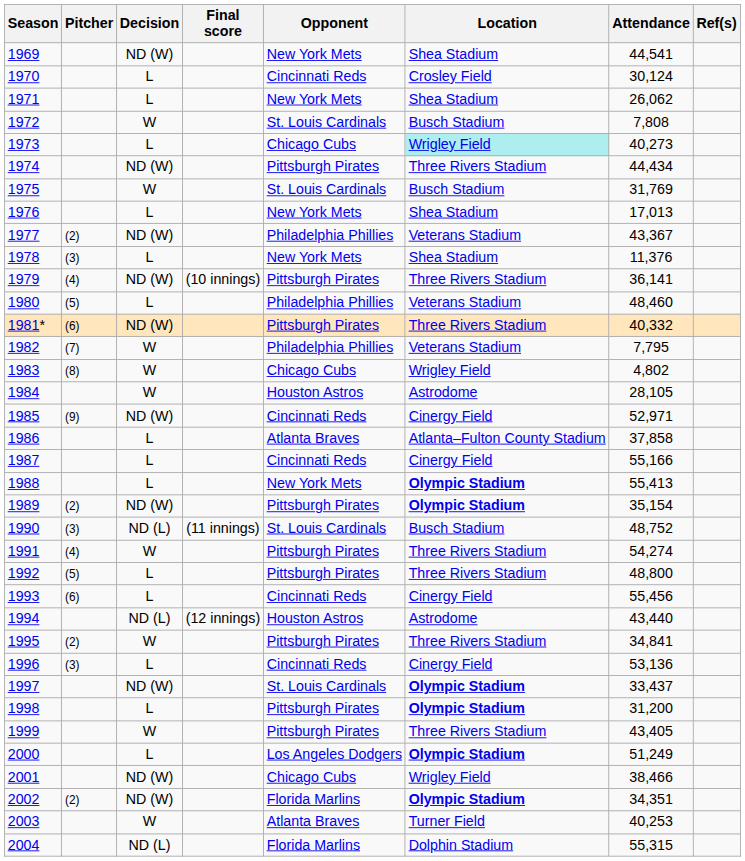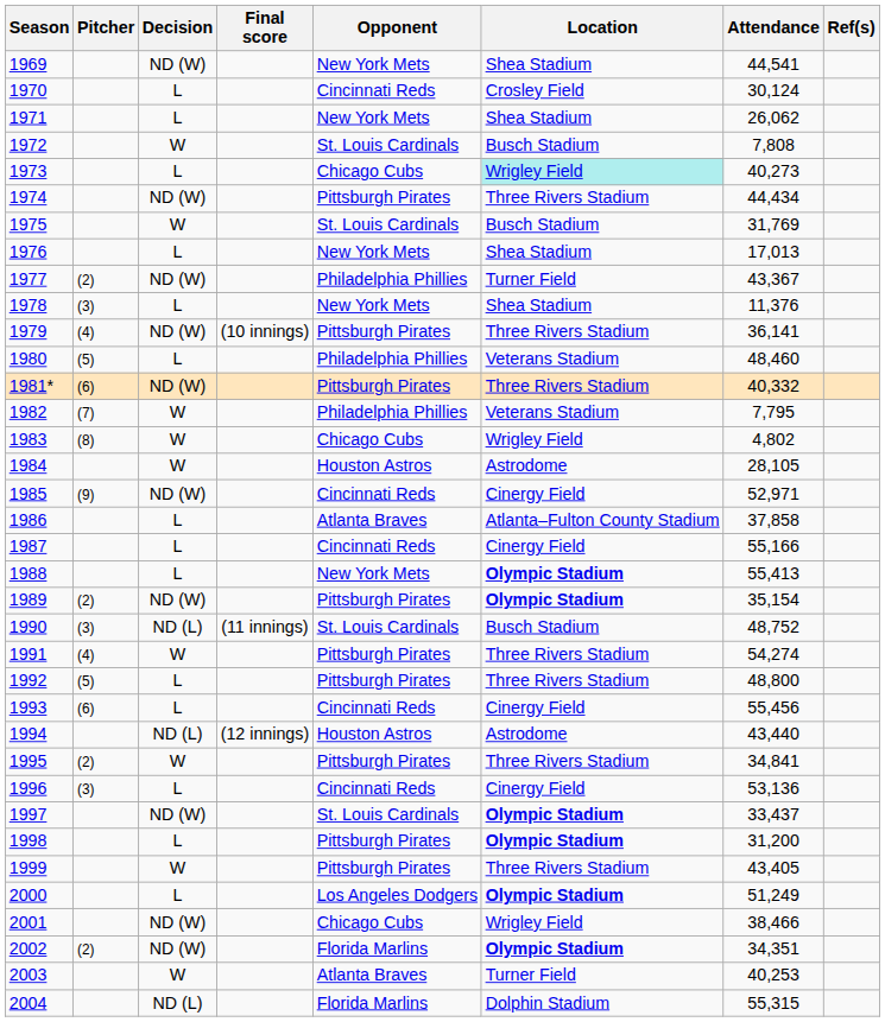 <table class="wikitable sortable plainrowheaders">
 <tr>
 <th scope="col">Season</th>
 <th scope="col">Pitcher</th>
 <th scope="col">Decision</th>
 <th scope="col">Final<br>score</th>
 <th scope="col">Opponent</th>
 <th scope="col">Location</th>
 <th scope="col">Attendance</th>
 <th class="unsortable">Ref(s)</th>
 </tr>
 <tr>
 <td><a href='#'>1969</a></td>
 <td></td>
 <td align="center">ND (W)</td>
 <td align="center"></td>
 <td><a href='#'>New York Mets</a></td>
 <td><a href='#'>Shea Stadium</a></td>
 <td align="center">44,541</td>
 <td align="center"></td>
 </tr>
 <tr>
 <td><a href='#'>1970</a></td>
 <td></td>
 <td align="center">L</td>
 <td align="center"></td>
 <td><a href='#'>Cincinnati Reds</a></td>
 <td><a href='#'>Crosley Field</a></td>
 <td align="center">30,124</td>
 <td align="center"></td>
 </tr>
 <tr>
 <td><a href='#'>1971</a></td>
 <td></td>
 <td align="center">L</td>
 <td align="center"></td>
 <td><a href='#'>New York Mets</a></td>
 <td><a href='#'>Shea Stadium</a></td>
 <td align="center">26,062</td>
 <td align="center"></td>
 </tr>
 <tr>
 <td><a href='#'>1972</a></td>
 <td></td>
 <td align="center">W</td>
 <td align="center"></td>
 <td><a href='#'>St. Louis Cardinals</a></td>
 <td><a href='#'>Busch Stadium</a></td>
 <td align="center">7,808</td>
 <td align="center"></td>
 </tr>
 <tr>
 <td><a href='#'>1973</a></td>
 <td></td>
 <td align="center">L</td>
 <td align="center"></td>
 <td><a href='#'>Chicago Cubs</a></td>
 <td style="background: paleturquoise;"><a href='#'>Wrigley Field</a></td>
 <td align="center">40,273</td>
 <td align="center"></td>
 </tr>
 <tr>
 <td><a href='#'>1974</a></td>
 <td></td>
 <td align="center">ND (W)</td>
 <td align="center"></td>
 <td><a href='#'>Pittsburgh Pirates</a></td>
 <td><a href='#'>Three Rivers Stadium</a></td>
 <td align="center">44,434</td>
 <td align="center"></td>
 </tr>
 <tr>
 <td><a href='#'>1975</a></td>
 <td></td>
 <td align="center">W</td>
 <td align="center"></td>
 <td><a href='#'>St. Louis Cardinals</a></td>
 <td><a href='#'>Busch Stadium</a></td>
 <td align="center">31,769</td>
 <td align="center"></td>
 </tr>
 <tr>
 <td><a href='#'>1976</a></td>
 <td></td>
 <td align="center">L</td>
 <td align="center"></td>
 <td><a href='#'>New York Mets</a></td>
 <td><a href='#'>Shea Stadium</a></td>
 <td align="center">17,013</td>
 <td align="center"></td>
 </tr>
 <tr>
 <td><a href='#'>1977</a></td>
 <td> <small>(2)</small></td>
 <td align="center">ND (W)</td>
 <td align="center"></td>
 <td><a href='#'>Philadelphia Phillies</a></td>
-<td><a href='#'>Veterans Stadium</a></td>
+<td><a href='#'>Turner Field</a></td>
 <td align="center">43,367</td>
 <td align="center"></td>
 </tr>
 <tr>
 <td><a href='#'>1978</a></td>
 <td> <small>(3)</small></td>
 <td align="center">L</td>
 <td align="center"></td>
 <td><a href='#'>New York Mets</a></td>
 <td><a href='#'>Shea Stadium</a></td>
 <td align="center">11,376</td>
 <td align="center"></td>
 </tr>
 <tr>
 <td><a href='#'>1979</a></td>
 <td> <small>(4)</small></td>
 <td align="center">ND (W)</td>
 <td align="center"> (10 innings)</td>
 <td><a href='#'>Pittsburgh Pirates</a></td>
 <td><a href='#'>Three Rivers Stadium</a></td>
 <td align="center">36,141</td>
 <td align="center"></td>
 </tr>
 <tr>
 <td><a href='#'>1980</a></td>
 <td> <small>(5)</small></td>
 <td align="center">L</td>
 <td align="center"></td>
 <td><a href='#'>Philadelphia Phillies</a></td>
 <td><a href='#'>Veterans Stadium</a></td>
 <td align="center">48,460</td>
 <td align="center"></td>
 </tr>
 <tr>
 <td style="background-color: #FFE6BD"><a href='#'>1981</a>*</td>
 <td style="background-color: #FFE6BD"> <small>(6)</small></td>
 <td style="background-color: #FFE6BD" align="center">ND (W)</td>
 <td style="background-color: #FFE6BD" align="center"></td>
 <td style="background-color: #FFE6BD"><a href='#'>Pittsburgh Pirates</a></td>
 <td style="background-color: #FFE6BD"><a href='#'>Three Rivers Stadium</a></td>
 <td style="background-color: #FFE6BD" align="center">40,332</td>
 <td style="background-color: #FFE6BD" align="center"></td>
 </tr>
 <tr>
 <td><a href='#'>1982</a></td>
 <td> <small>(7)</small></td>
 <td align="center">W</td>
 <td align="center"></td>
 <td><a href='#'>Philadelphia Phillies</a></td>
 <td><a href='#'>Veterans Stadium</a></td>
 <td align="center">7,795</td>
 <td align="center"></td>
 </tr>
 <tr>
 <td><a href='#'>1983</a></td>
 <td> <small>(8)</small></td>
 <td align="center">W</td>
 <td align="center"></td>
 <td><a href='#'>Chicago Cubs</a></td>
 <td><a href='#'>Wrigley Field</a></td>
 <td align="center">4,802</td>
 <td align="center"></td>
 </tr>
 <tr>
 <td><a href='#'>1984</a></td>
 <td></td>
 <td align="center">W</td>
 <td align="center"></td>
 <td><a href='#'>Houston Astros</a></td>
 <td><a href='#'>Astrodome</a></td>
 <td align="center">28,105</td>
 <td align="center"></td>
 </tr>
 <tr>
 <td><a href='#'>1985</a></td>
 <td> <small>(9)</small></td>
 <td align="center">ND (W)</td>
 <td align="center"></td>
 <td><a href='#'>Cincinnati Reds</a></td>
 <td><a href='#'>Cinergy Field</a></td>
 <td align="center">52,971</td>
 <td align="center"></td>
 </tr>
 <tr>
 <td><a href='#'>1986</a></td>
 <td></td>
 <td align="center">L</td>
 <td align="center"></td>
 <td><a href='#'>Atlanta Braves</a></td>
 <td><a href='#'>Atlanta–Fulton County Stadium</a></td>
 <td align="center">37,858</td>
 <td align="center"></td>
 </tr>
 <tr>
 <td><a href='#'>1987</a></td>
 <td></td>
 <td align="center">L</td>
 <td align="center"></td>
 <td><a href='#'>Cincinnati Reds</a></td>
 <td><a href='#'>Cinergy Field</a></td>
 <td align="center">55,166</td>
 <td align="center"></td>
 </tr>
 <tr>
 <td><a href='#'>1988</a></td>
 <td></td>
 <td align="center">L</td>
 <td align="center"></td>
 <td><a href='#'>New York Mets</a></td>
 <td><strong><a href='#'>Olympic Stadium</a></strong></td>
 <td align="center">55,413</td>
 <td align="center"></td>
 </tr>
 <tr>
 <td><a href='#'>1989</a></td>
 <td> <small>(2)</small></td>
 <td align="center">ND (W)</td>
 <td align="center"></td>
 <td><a href='#'>Pittsburgh Pirates</a></td>
 <td><strong><a href='#'>Olympic Stadium</a></strong></td>
 <td align="center">35,154</td>
 <td align="center"></td>
 </tr>
 <tr>
 <td><a href='#'>1990</a></td>
 <td> <small>(3)</small></td>
 <td align="center">ND (L)</td>
 <td align="center"> (11 innings)</td>
 <td><a href='#'>St. Louis Cardinals</a></td>
 <td><a href='#'>Busch Stadium</a></td>
 <td align="center">48,752</td>
 <td align="center"></td>
 </tr>
 <tr>
 <td><a href='#'>1991</a></td>
 <td> <small>(4)</small></td>
 <td align="center">W</td>
 <td align="center"></td>
 <td><a href='#'>Pittsburgh Pirates</a></td>
 <td><a href='#'>Three Rivers Stadium</a></td>
 <td align="center">54,274</td>
 <td align="center"></td>
 </tr>
 <tr>
 <td><a href='#'>1992</a></td>
 <td> <small>(5)</small></td>
 <td align="center">L</td>
 <td align="center"></td>
 <td><a href='#'>Pittsburgh Pirates</a></td>
 <td><a href='#'>Three Rivers Stadium</a></td>
 <td align="center">48,800</td>
 <td align="center"></td>
 </tr>
 <tr>
 <td><a href='#'>1993</a></td>
 <td> <small>(6)</small></td>
 <td align="center">L</td>
 <td align="center"></td>
 <td><a href='#'>Cincinnati Reds</a></td>
 <td><a href='#'>Cinergy Field</a></td>
 <td align="center">55,456</td>
 <td align="center"></td>
 </tr>
 <tr>
 <td><a href='#'>1994</a></td>
 <td></td>
 <td align="center">ND (L)</td>
 <td align="center"> (12 innings)</td>
 <td><a href='#'>Houston Astros</a></td>
 <td><a href='#'>Astrodome</a></td>
 <td align="center">43,440</td>
 <td align="center"></td>
 </tr>
 <tr>
 <td><a href='#'>1995</a></td>
 <td> <small>(2)</small></td>
 <td align="center">W</td>
 <td align="center"></td>
 <td><a href='#'>Pittsburgh Pirates</a></td>
 <td><a href='#'>Three Rivers Stadium</a></td>
 <td align="center">34,841</td>
 <td align="center"></td>
 </tr>
 <tr>
 <td><a href='#'>1996</a></td>
 <td> <small>(3)</small></td>
 <td align="center">L</td>
 <td align="center"></td>
 <td><a href='#'>Cincinnati Reds</a></td>
 <td><a href='#'>Cinergy Field</a></td>
 <td align="center">53,136</td>
 <td align="center"></td>
 </tr>
 <tr>
 <td><a href='#'>1997</a></td>
 <td></td>
 <td align="center">ND (W)</td>
 <td align="center"></td>
 <td><a href='#'>St. Louis Cardinals</a></td>
 <td><strong><a href='#'>Olympic Stadium</a></strong></td>
 <td align="center">33,437</td>
 <td align="center"></td>
 </tr>
 <tr>
 <td><a href='#'>1998</a></td>
 <td></td>
 <td align="center">L</td>
 <td align="center"></td>
 <td><a href='#'>Pittsburgh Pirates</a></td>
 <td><strong><a href='#'>Olympic Stadium</a></strong></td>
 <td align="center">31,200</td>
 <td align="center"></td>
 </tr>
 <tr>
 <td><a href='#'>1999</a></td>
 <td></td>
 <td align="center">W</td>
 <td align="center"></td>
 <td><a href='#'>Pittsburgh Pirates</a></td>
 <td><a href='#'>Three Rivers Stadium</a></td>
 <td align="center">43,405</td>
 <td align="center"></td>
 </tr>
 <tr>
 <td><a href='#'>2000</a></td>
 <td> </td>
 <td align="center">L</td>
 <td align="center"></td>
 <td><a href='#'>Los Angeles Dodgers</a></td>
 <td><strong><a href='#'>Olympic Stadium</a></strong></td>
 <td align="center">51,249</td>
 <td align="center"></td>
 </tr>
 <tr>
 <td><a href='#'>2001</a></td>
 <td></td>
 <td align="center">ND (W)</td>
 <td align="center"></td>
 <td><a href='#'>Chicago Cubs</a></td>
 <td><a href='#'>Wrigley Field</a></td>
 <td align="center">38,466</td>
 <td align="center"></td>
 </tr>
 <tr>
 <td><a href='#'>2002</a></td>
 <td> <small>(2)</small></td>
 <td align="center">ND (W)</td>
 <td align="center"></td>
 <td><a href='#'>Florida Marlins</a></td>
 <td><strong><a href='#'>Olympic Stadium</a></strong></td>
 <td align="center">34,351</td>
 <td align="center"></td>
 </tr>
 <tr>
 <td><a href='#'>2003</a></td>
 <td></td>
 <td align="center">W</td>
 <td align="center"></td>
 <td><a href='#'>Atlanta Braves</a></td>
 <td><a href='#'>Turner Field</a></td>
 <td align="center">40,253</td>
 <td align="center"></td>
 </tr>
 <tr>
 <td><a href='#'>2004</a></td>
 <td></td>
 <td align="center">ND (L)</td>
 <td align="center"></td>
 <td><a href='#'>Florida Marlins</a></td>
 <td><a href='#'>Dolphin Stadium</a></td>
 <td align="center">55,315</td>
 <td align="center"></td>
 </tr>
 </table>
